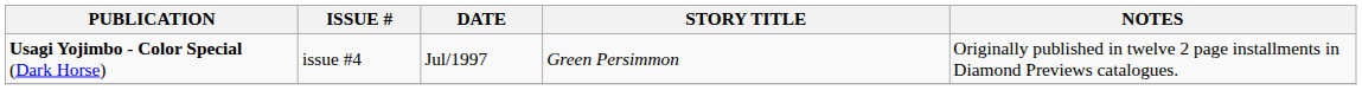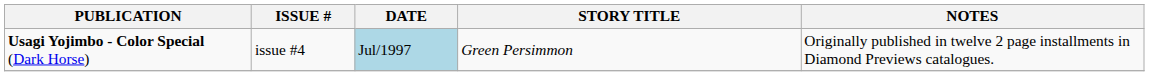 <table class="wikitable">
 <tr>
 <th width="250"><strong>PUBLICATION</strong></th>
 <th width="100"><strong>ISSUE #</strong></th>
 <th width="100"><strong>DATE</strong></th>
 <th width="350"><strong>STORY TITLE</strong></th>
 <th width="350"><strong>NOTES</strong></th>
 </tr>
 <tr>
 <td rowspan=1><strong>Usagi Yojimbo - Color Special</strong><br>(<a href='#'>Dark Horse</a>)</td>
 <td>issue #4</td>
-<td>Jul/1997</td>
+<td style="background: lightblue;">Jul/1997</td>
 <td><em>Green Persimmon</em></td>
 <td>Originally published in twelve 2 page installments in Diamond Previews catalogues.</td>
 </tr>
 <tr>
 </tr>
 </table>
